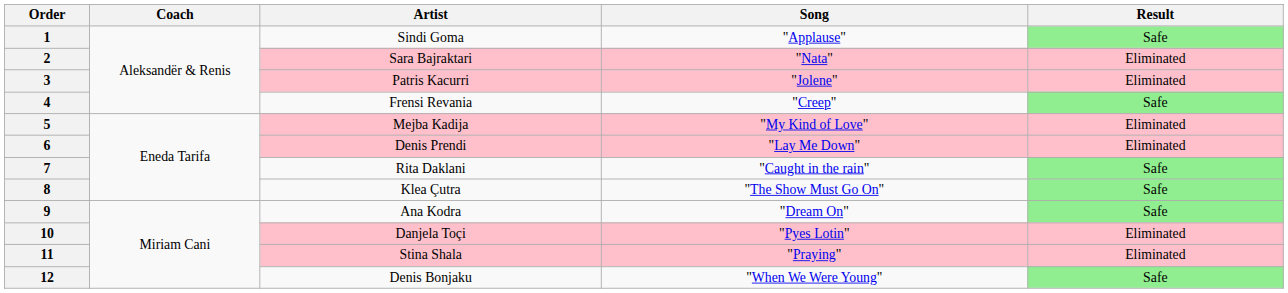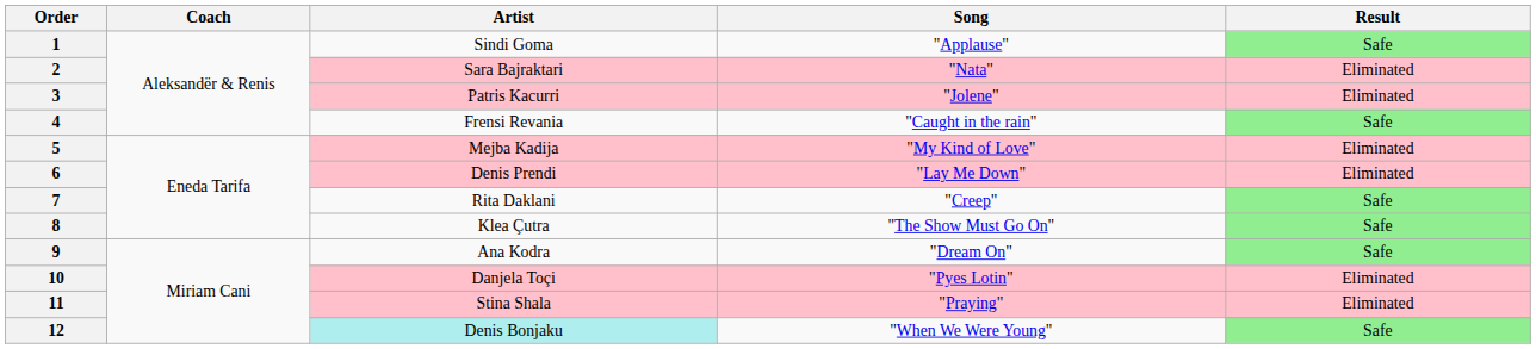 <table class="wikitable" style="text-align:center; width:75%;">
 <tr>
 <th width="05%">Order</th>
 <th width="10%">Coach</th>
 <th width="20%">Artist</th>
 <th width="25%">Song</th>
 <th width="15%">Result</th>
 </tr>
 <tr>
 <th>1</th>
 <td rowspan="4">Aleksandër & Renis</td>
 <td>Sindi Goma</td>
 <td>"<a href='#'>Applause</a>"</td>
 <td style="background-color:lightgreen;">Safe</td>
 </tr>
 <tr>
 <th>2</th>
 <td style="background-color:pink;">Sara Bajraktari</td>
 <td style="background-color:pink;">"<a href='#'>Nata</a>"</td>
 <td style="background-color:pink;">Eliminated</td>
 </tr>
 <tr>
 <th>3</th>
 <td style="background-color:pink;">Patris Kacurri</td>
 <td style="background-color:pink;">"<a href='#'>Jolene</a>"</td>
 <td style="background-color:pink;">Eliminated</td>
 </tr>
 <tr>
 <th>4</th>
 <td>Frensi Revania</td>
-<td>"<a href='#'>Creep</a>"</td>
+<td>"<a href='#'>Caught in the rain</a>"</td>
 <td style="background-color:lightgreen;">Safe</td>
 </tr>
 <tr>
 <th>5</th>
 <td rowspan="4">Eneda Tarifa</td>
 <td style="background-color:pink;">Mejba Kadija</td>
 <td style="background-color:pink;">"<a href='#'>My Kind of Love</a>"</td>
 <td style="background-color:pink;">Eliminated</td>
 </tr>
 <tr>
 <th>6</th>
 <td style="background-color:pink;">Denis Prendi</td>
 <td style="background-color:pink;">"<a href='#'>Lay Me Down</a>"</td>
 <td style="background-color:pink;">Eliminated</td>
 </tr>
 <tr>
 <th>7</th>
 <td>Rita Daklani</td>
-<td>"<a href='#'>Caught in the rain</a>"</td>
+<td>"<a href='#'>Creep</a>"</td>
 <td style="background-color:lightgreen;">Safe</td>
 </tr>
 <tr>
 <th>8</th>
 <td>Klea Çutra</td>
 <td>"<a href='#'>The Show Must Go On</a>"</td>
 <td style="background-color:lightgreen;">Safe</td>
 </tr>
 <tr>
 <th>9</th>
 <td rowspan="4">Miriam Cani</td>
 <td>Ana Kodra</td>
 <td>"<a href='#'>Dream On</a>"</td>
 <td style="background-color:lightgreen;">Safe</td>
 </tr>
 <tr>
 <th>10</th>
 <td style="background-color:pink;">Danjela Toçi</td>
 <td style="background-color:pink;">"<a href='#'>Pyes Lotin</a>"</td>
 <td style="background-color:pink;">Eliminated</td>
 </tr>
 <tr>
 <th>11</th>
 <td style="background-color:pink;">Stina Shala</td>
 <td style="background-color:pink;">"<a href='#'>Praying</a>"</td>
 <td style="background-color:pink;">Eliminated</td>
 </tr>
 <tr>
 <th>12</th>
-<td>Denis Bonjaku</td>
+<td style="background: paleturquoise;">Denis Bonjaku</td>
 <td>"<a href='#'>When We Were Young</a>"</td>
 <td style="background-color:lightgreen;">Safe</td>
 </tr>
 </table>
